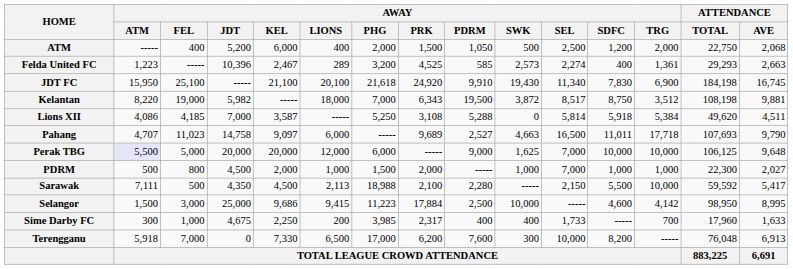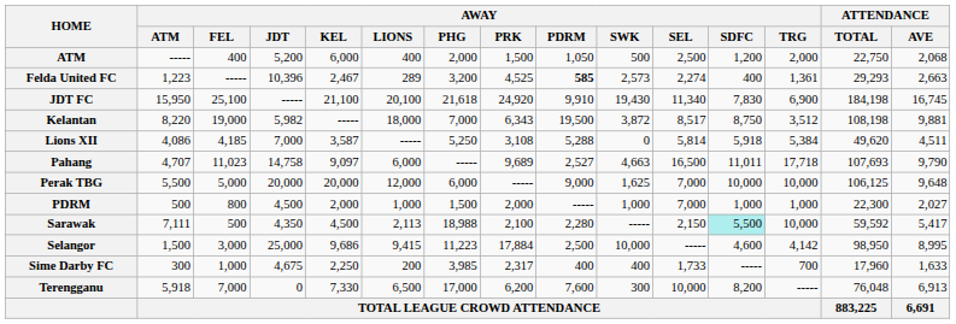 <table class="wikitable" style="text-align:right; font-size:90%; width:85%;">
 <tr>
 <th rowspan="2">HOME</th>
 <th colspan="12">AWAY</th>
 <th colspan="2">ATTENDANCE</th>
 </tr>
 <tr>
 <th>ATM</th>
 <th>FEL</th>
 <th>JDT</th>
 <th>KEL</th>
 <th>LIONS</th>
 <th>PHG</th>
 <th>PRK</th>
 <th>PDRM</th>
 <th>SWK</th>
 <th>SEL</th>
 <th>SDFC</th>
 <th>TRG</th>
 <th>TOTAL</th>
 <th>AVE</th>
 </tr>
 <tr>
 <th>ATM</th>
 <td><strong>-----</strong></td>
 <td>400</td>
 <td>5,200</td>
 <td>6,000</td>
 <td>400</td>
 <td>2,000</td>
 <td>1,500</td>
 <td>1,050</td>
 <td>500</td>
 <td>2,500</td>
 <td>1,200</td>
 <td>2,000</td>
 <td>22,750</td>
 <td>2,068</td>
 </tr>
 <tr>
 <th>Felda United FC</th>
 <td>1,223</td>
 <td><strong>-----</strong></td>
 <td>10,396</td>
 <td>2,467</td>
 <td>289</td>
 <td>3,200</td>
 <td>4,525</td>
-<td>585</td>
+<td><strong>585</strong></td>
 <td>2,573</td>
 <td>2,274</td>
 <td>400</td>
 <td>1,361</td>
 <td>29,293</td>
 <td>2,663</td>
 </tr>
 <tr>
 <th>JDT FC</th>
 <td>15,950</td>
 <td>25,100</td>
 <td><strong>-----</strong></td>
 <td>21,100</td>
 <td>20,100</td>
 <td>21,618</td>
 <td>24,920</td>
 <td>9,910</td>
 <td>19,430</td>
 <td>11,340</td>
 <td>7,830</td>
 <td>6,900</td>
 <td>184,198</td>
 <td>16,745</td>
 </tr>
 <tr>
 <th>Kelantan</th>
 <td>8,220</td>
 <td>19,000</td>
 <td>5,982</td>
 <td><strong>-----</strong></td>
 <td>18,000</td>
 <td>7,000</td>
 <td>6,343</td>
 <td>19,500</td>
 <td>3,872</td>
 <td>8,517</td>
 <td>8,750</td>
 <td>3,512</td>
 <td>108,198</td>
 <td>9,881</td>
 </tr>
 <tr>
 <th>Lions XII</th>
 <td>4,086</td>
 <td>4,185</td>
 <td>7,000</td>
 <td>3,587</td>
 <td><strong>-----</strong></td>
 <td>5,250</td>
 <td>3,108</td>
 <td>5,288</td>
 <td>0</td>
 <td>5,814</td>
 <td>5,918</td>
 <td>5,384</td>
 <td>49,620</td>
 <td>4,511</td>
 </tr>
 <tr>
 <th>Pahang</th>
 <td>4,707</td>
 <td>11,023</td>
 <td>14,758</td>
 <td>9,097</td>
 <td>6,000</td>
 <td><strong>-----</strong></td>
 <td>9,689</td>
 <td>2,527</td>
 <td>4,663</td>
 <td>16,500</td>
 <td>11,011</td>
 <td>17,718</td>
 <td>107,693</td>
 <td>9,790</td>
 </tr>
 <tr>
 <th>Perak TBG</th>
-<td style="background: lavender;">5,500</td>
+<td>5,500</td>
 <td>5,000</td>
 <td>20,000</td>
 <td>20,000</td>
 <td>12,000</td>
 <td>6,000</td>
 <td><strong>-----</strong></td>
 <td>9,000</td>
 <td>1,625</td>
 <td>7,000</td>
 <td>10,000</td>
 <td>10,000</td>
 <td>106,125</td>
 <td>9,648</td>
 </tr>
 <tr>
 <th>PDRM</th>
 <td>500</td>
 <td>800</td>
 <td>4,500</td>
 <td>2,000</td>
 <td>1,000</td>
 <td>1,500</td>
 <td>2,000</td>
 <td><strong>-----</strong></td>
 <td>1,000</td>
 <td>7,000</td>
 <td>1,000</td>
 <td>1,000</td>
 <td>22,300</td>
 <td>2,027</td>
 </tr>
 <tr>
 <th>Sarawak</th>
 <td>7,111</td>
 <td>500</td>
 <td>4,350</td>
 <td>4,500</td>
 <td>2,113</td>
 <td>18,988</td>
 <td>2,100</td>
 <td>2,280</td>
 <td><strong>-----</strong></td>
 <td>2,150</td>
-<td>5,500</td>
+<td style="background: paleturquoise;">5,500</td>
 <td>10,000</td>
 <td>59,592</td>
 <td>5,417</td>
 </tr>
 <tr>
 <th>Selangor</th>
 <td>1,500</td>
 <td>3,000</td>
 <td>25,000</td>
 <td>9,686</td>
 <td>9,415</td>
 <td>11,223</td>
 <td>17,884</td>
 <td>2,500</td>
 <td>10,000</td>
 <td><strong>-----</strong></td>
 <td>4,600</td>
 <td>4,142</td>
 <td>98,950</td>
 <td>8,995</td>
 </tr>
 <tr>
 <th>Sime Darby FC</th>
 <td>300</td>
 <td>1,000</td>
 <td>4,675</td>
 <td>2,250</td>
 <td>200</td>
 <td>3,985</td>
 <td>2,317</td>
 <td>400</td>
 <td>400</td>
 <td>1,733</td>
 <td><strong>-----</strong></td>
 <td>700</td>
 <td>17,960</td>
 <td>1,633</td>
 </tr>
 <tr>
 <th>Terengganu</th>
 <td>5,918</td>
 <td>7,000</td>
 <td>0</td>
 <td>7,330</td>
 <td>6,500</td>
 <td>17,000</td>
 <td>6,200</td>
 <td>7,600</td>
 <td>300</td>
 <td>10,000</td>
 <td>8,200</td>
 <td><strong>-----</strong></td>
 <td>76,048</td>
 <td>6,913</td>
 </tr>
 <tr>
 <th></th>
 <th colspan="12">TOTAL LEAGUE CROWD ATTENDANCE</th>
 <th>883,225</th>
 <th>6,691</th>
 </tr>
 </table>
